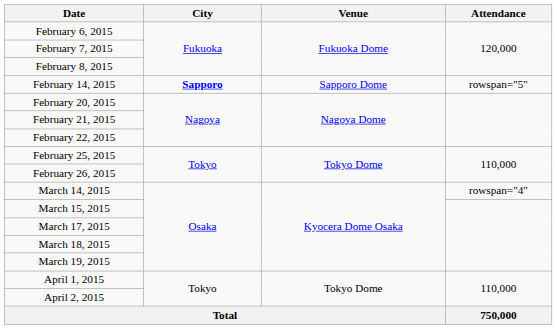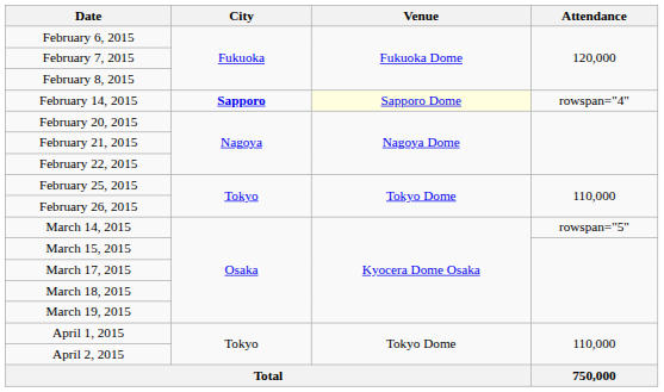 <table class="wikitable" style="text-align:center;">
 <tr>
 <th scope="col" style="width:12em;">Date</th>
 <th scope="col" style="width:10em;">City</th>
 <th scope="col" style="width:16em;">Venue</th>
 <th scope="col" style="width:9em;">Attendance</th>
 </tr>
 <tr>
 <td>February 6, 2015</td>
 <td rowspan="3"><a href='#'>Fukuoka</a></td>
 <td rowspan="3"><a href='#'>Fukuoka Dome</a></td>
 <td rowspan="3">120,000</td>
 </tr>
 <tr>
 <td>February 7, 2015</td>
 </tr>
 <tr>
 <td>February 8, 2015</td>
 </tr>
 <tr>
 <td>February 14, 2015</td>
 <td><strong><a href='#'>Sapporo</a></strong></td>
-<td><a href='#'>Sapporo Dome</a></td>
-<td>rowspan="5" </td>
+<td style="background: lightyellow;"><a href='#'>Sapporo Dome</a></td>
+<td>rowspan="4" </td>
 </tr>
 <tr>
 <td>February 20, 2015</td>
 <td rowspan="3"><a href='#'>Nagoya</a></td>
 <td rowspan="3"><a href='#'>Nagoya Dome</a></td>
 </tr>
 <tr>
 <td>February 21, 2015</td>
 </tr>
 <tr>
 <td>February 22, 2015</td>
 </tr>
 <tr>
 <td>February 25, 2015</td>
 <td rowspan="2"><a href='#'>Tokyo</a></td>
 <td rowspan="2"><a href='#'>Tokyo Dome</a></td>
 <td rowspan="2">110,000</td>
 </tr>
 <tr>
 <td>February 26, 2015</td>
 </tr>
 <tr>
 <td>March 14, 2015</td>
 <td rowspan="5"><a href='#'>Osaka</a></td>
 <td rowspan="5"><a href='#'>Kyocera Dome Osaka</a></td>
-<td>rowspan="4" </td>
+<td>rowspan="5" </td>
 </tr>
 <tr>
 <td>March 15, 2015</td>
 </tr>
 <tr>
 <td>March 17, 2015</td>
 </tr>
 <tr>
 <td>March 18, 2015</td>
 </tr>
 <tr>
 <td>March 19, 2015</td>
 </tr>
 <tr>
 <td>April 1, 2015</td>
 <td rowspan="2">Tokyo</td>
 <td rowspan="2">Tokyo Dome</td>
 <td rowspan="2">110,000</td>
 </tr>
 <tr>
 <td>April 2, 2015</td>
 </tr>
 <tr>
 <th colspan="3"><strong>Total</strong></th>
 <th>750,000</th>
 </tr>
 </table>
